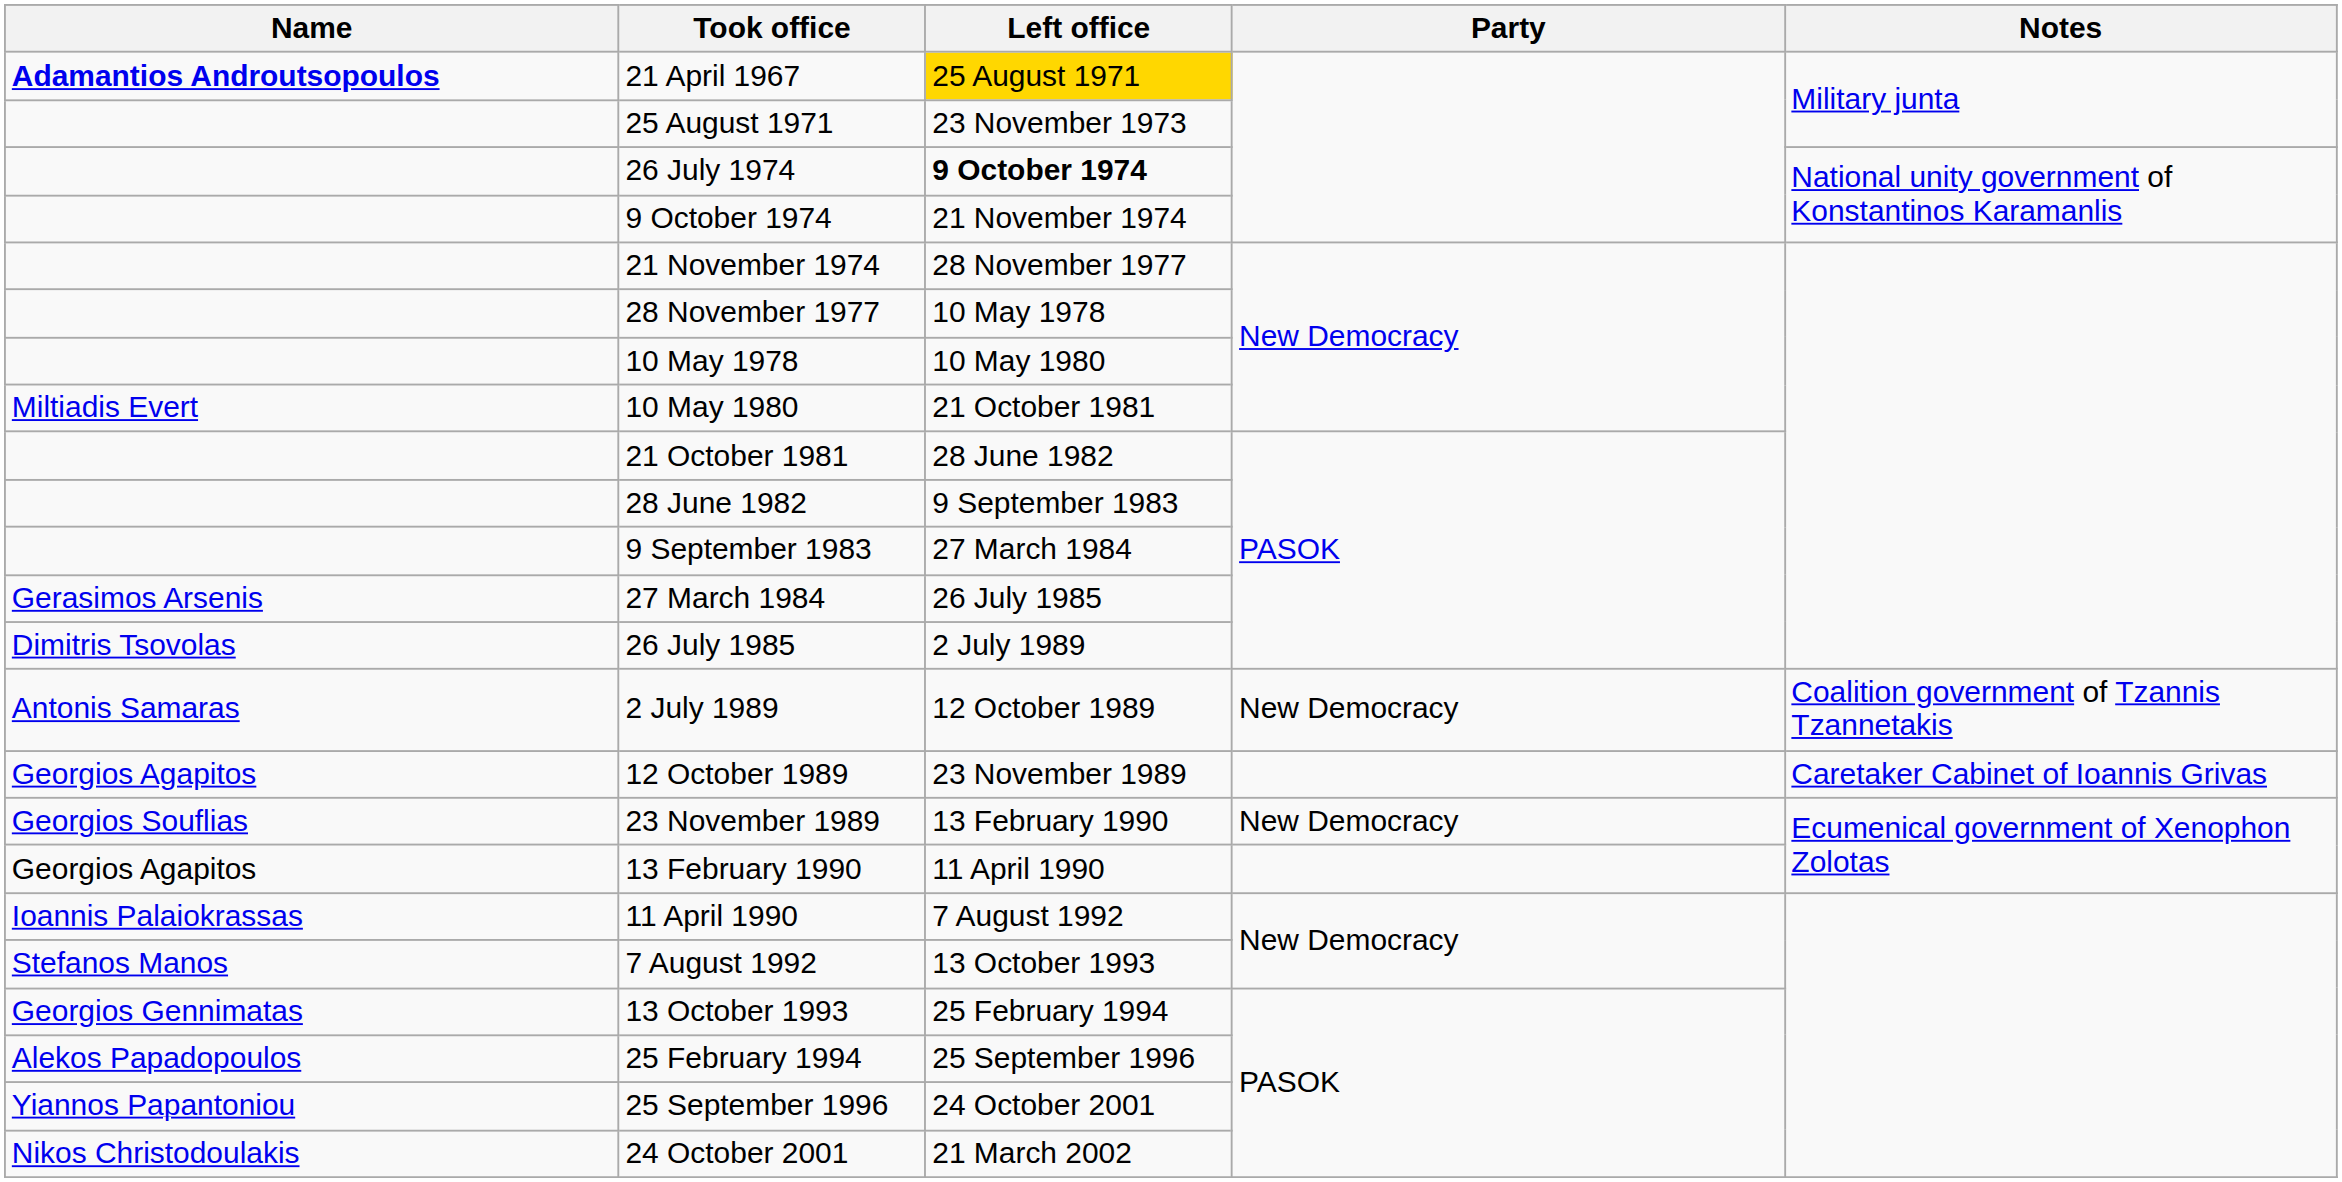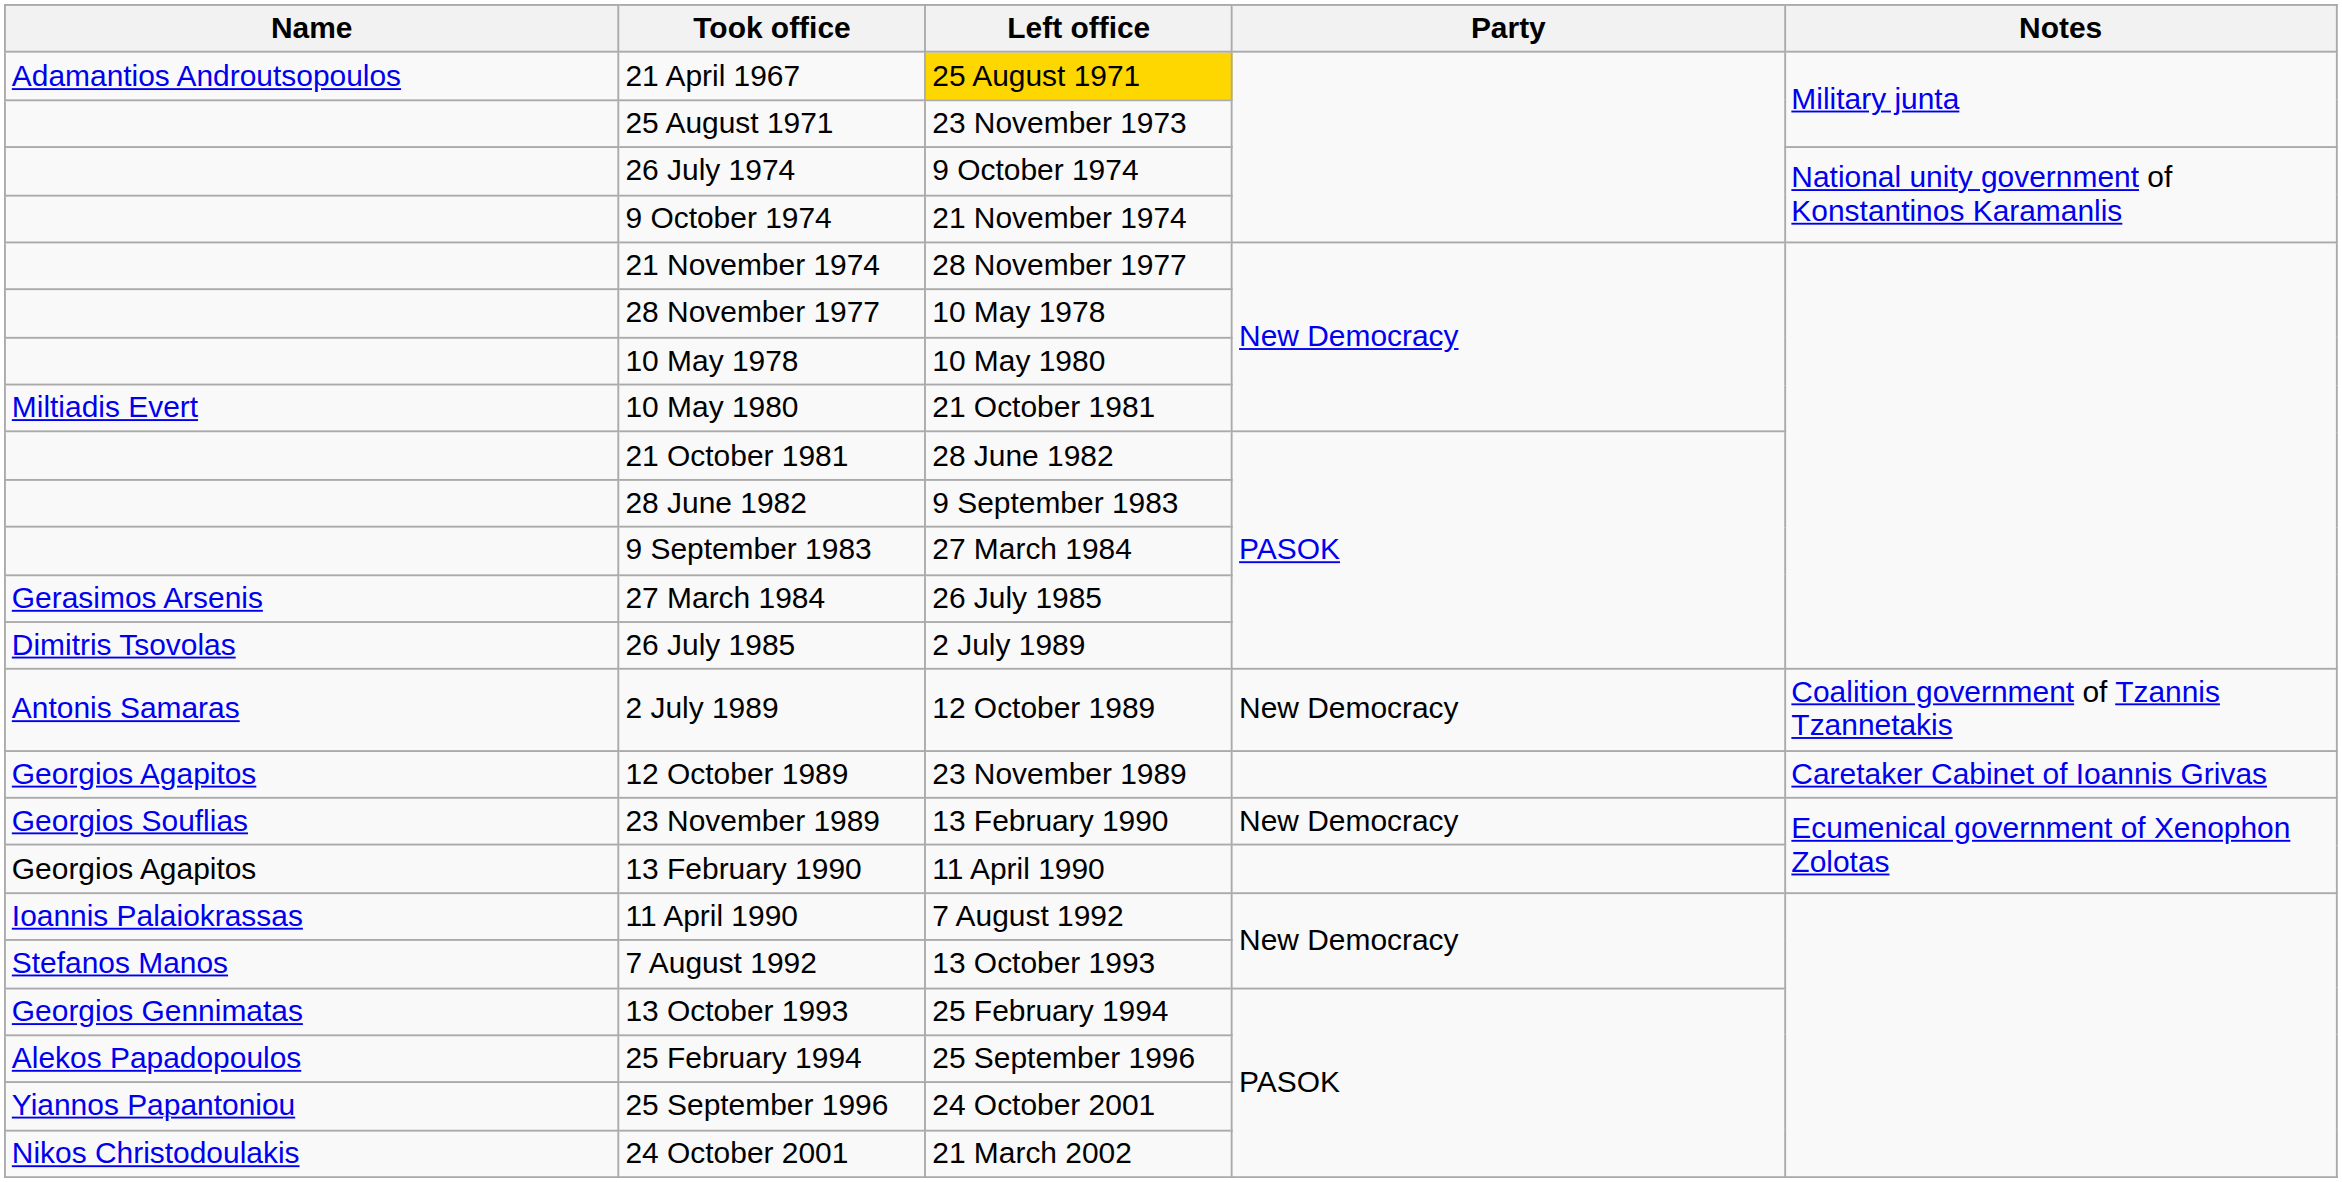 <table class="wikitable">
 <tr>
 <th width="20%">Name</th>
 <th width="10%">Took office</th>
 <th width="10%">Left office</th>
 <th width="18%">Party</th>
 <th width="18%">Notes</th>
 </tr>
 <tr>
-<td><strong><a href='#'>Adamantios Androutsopoulos</a></strong></td>
+<td><a href='#'>Adamantios Androutsopoulos</a></td>
 <td>21 April 1967</td>
 <td style="background: gold;">25 August 1971</td>
 <td rowspan=4></td>
 <td rowspan=2><a href='#'>Military junta</a></td>
 </tr>
 <tr>
 <td></td>
 <td>25 August 1971</td>
 <td>23 November 1973</td>
 </tr>
 <tr>
 <td></td>
 <td>26 July 1974</td>
-<td><strong>9 October 1974</strong></td>
+<td>9 October 1974</td>
 <td rowspan=2><a href='#'>National unity government</a> of <a href='#'>Konstantinos Karamanlis</a></td>
 </tr>
 <tr>
 <td></td>
 <td>9 October 1974</td>
 <td>21 November 1974</td>
 </tr>
 <tr>
 <td></td>
 <td>21 November 1974</td>
 <td>28 November 1977</td>
 <td rowspan=4><a href='#'>New Democracy</a></td>
 <td rowspan=9></td>
 </tr>
 <tr>
 <td></td>
 <td>28 November 1977</td>
 <td>10 May 1978</td>
 </tr>
 <tr>
 <td></td>
 <td>10 May 1978</td>
 <td>10 May 1980</td>
 </tr>
 <tr>
 <td><a href='#'>Miltiadis Evert</a></td>
 <td>10 May 1980</td>
 <td>21 October 1981</td>
 </tr>
 <tr>
 <td></td>
 <td>21 October 1981</td>
 <td>28 June 1982</td>
 <td rowspan=5><a href='#'>PASOK</a></td>
 </tr>
 <tr>
 <td></td>
 <td>28 June 1982</td>
 <td>9 September 1983</td>
 </tr>
 <tr>
 <td></td>
 <td>9 September 1983</td>
 <td>27 March 1984</td>
 </tr>
 <tr>
 <td><a href='#'>Gerasimos Arsenis</a></td>
 <td>27 March 1984</td>
 <td>26 July 1985</td>
 </tr>
 <tr>
 <td><a href='#'>Dimitris Tsovolas</a></td>
 <td>26 July 1985</td>
 <td>2 July 1989</td>
 </tr>
 <tr>
 <td><a href='#'>Antonis Samaras</a></td>
 <td>2 July 1989</td>
 <td>12 October 1989</td>
 <td>New Democracy</td>
 <td><a href='#'>Coalition government</a> of <a href='#'>Tzannis Tzannetakis</a></td>
 </tr>
 <tr>
 <td><a href='#'>Georgios Agapitos</a></td>
 <td>12 October 1989</td>
 <td>23 November 1989</td>
 <td></td>
 <td><a href='#'>Caretaker Cabinet of Ioannis Grivas</a></td>
 </tr>
 <tr>
 <td><a href='#'>Georgios Souflias</a></td>
 <td>23 November 1989</td>
 <td>13 February 1990</td>
 <td>New Democracy</td>
 <td rowspan=2><a href='#'>Ecumenical government of Xenophon Zolotas</a></td>
 </tr>
 <tr>
 <td>Georgios Agapitos</td>
 <td>13 February 1990</td>
 <td>11 April 1990</td>
 <td></td>
 </tr>
 <tr>
 <td><a href='#'>Ioannis Palaiokrassas</a></td>
 <td>11 April 1990</td>
 <td>7 August 1992</td>
 <td rowspan=2>New Democracy</td>
 <td rowspan=6></td>
 </tr>
 <tr>
 <td><a href='#'>Stefanos Manos</a></td>
 <td>7 August 1992</td>
 <td>13 October 1993</td>
 </tr>
 <tr>
 <td><a href='#'>Georgios Gennimatas</a></td>
 <td>13 October 1993</td>
 <td>25 February 1994</td>
 <td rowspan=4>PASOK</td>
 </tr>
 <tr>
 <td><a href='#'>Alekos Papadopoulos</a></td>
 <td>25 February 1994</td>
 <td>25 September 1996</td>
 </tr>
 <tr>
 <td><a href='#'>Yiannos Papantoniou</a></td>
 <td>25 September 1996</td>
 <td>24 October 2001</td>
 </tr>
 <tr>
 <td><a href='#'>Nikos Christodoulakis</a></td>
 <td>24 October 2001</td>
 <td>21 March 2002</td>
 </tr>
 <tr>
 </tr>
 </table>
